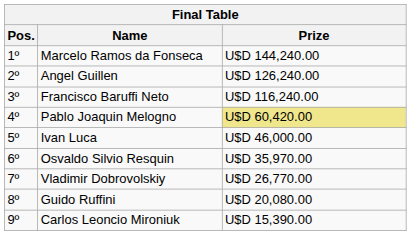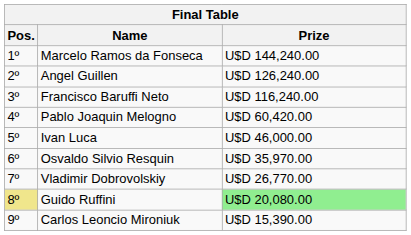 <table class="wikitable">
 <tr>
 <th colspan="3">Final Table</th>
 </tr>
 <tr>
 <th width="30">Pos.</th>
 <th width="220">Name</th>
 <th width="220">Prize</th>
 </tr>
 <tr>
 <td>1º</td>
 <td> Marcelo Ramos da Fonseca</td>
 <td>U$D 144,240.00</td>
 </tr>
 <tr>
 <td>2º</td>
 <td> Angel Guillen</td>
 <td>U$D 126,240.00</td>
 </tr>
 <tr>
 <td>3º</td>
 <td> Francisco Baruffi Neto</td>
 <td>U$D 116,240.00</td>
 </tr>
 <tr>
 <td>4º</td>
 <td> Pablo Joaquin Melogno</td>
-<td style="background: khaki;">U$D 60,420.00</td>
+<td>U$D 60,420.00</td>
 </tr>
 <tr>
 <td>5º</td>
 <td> Ivan Luca</td>
 <td>U$D 46,000.00</td>
 </tr>
 <tr>
 <td>6º</td>
 <td> Osvaldo Silvio Resquin</td>
 <td>U$D 35,970.00</td>
 </tr>
 <tr>
 <td>7º</td>
 <td> Vladimir Dobrovolskiy</td>
 <td>U$D 26,770.00</td>
 </tr>
 <tr>
-<td>8º</td>
+<td style="background: khaki;">8º</td>
 <td> Guido Ruffini</td>
-<td>U$D 20,080.00</td>
+<td style="background: lightgreen;">U$D 20,080.00</td>
 </tr>
 <tr>
 <td>9º</td>
 <td> Carlos Leoncio Mironiuk</td>
 <td>U$D 15,390.00</td>
 </tr>
 </table>
